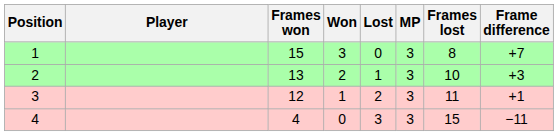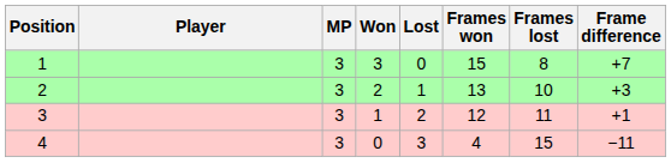 <table class="wikitable" style="text-align: center;">
 <tr>
 <th width=25>Position</th>
 <th width=225>Player</th>
-<th width=25>Frames won</th>
+<th width=25>MP</th>
 <th width=25>Won</th>
 <th width=25>Lost</th>
-<th width=25>MP</th>
+<th width=25>Frames won</th>
 <th width=25>Frames lost</th>
 <th width=25>Frame difference</th>
 </tr>
 <tr style="background:#afa;">
 <td>1</td>
 <td style="text-align:left;"></td>
-<td>15</td>
+<td>3</td>
 <td>3</td>
 <td>0</td>
-<td>3</td>
+<td>15</td>
 <td>8</td>
 <td>+7</td>
 </tr>
 <tr style="background:#afa;">
 <td>2</td>
 <td style="text-align:left;"></td>
-<td>13</td>
+<td>3</td>
 <td>2</td>
 <td>1</td>
-<td>3</td>
+<td>13</td>
 <td>10</td>
 <td>+3</td>
 </tr>
 <tr style="background:#fcc;">
 <td>3</td>
 <td style="text-align:left;"></td>
-<td>12</td>
+<td>3</td>
 <td>1</td>
 <td>2</td>
-<td>3</td>
+<td>12</td>
 <td>11</td>
 <td>+1</td>
 </tr>
 <tr style="background:#fcc;">
 <td>4</td>
 <td style="text-align:left;"></td>
-<td>4</td>
+<td>3</td>
 <td>0</td>
 <td>3</td>
-<td>3</td>
+<td>4</td>
 <td>15</td>
 <td>−11</td>
 </tr>
 </table>
